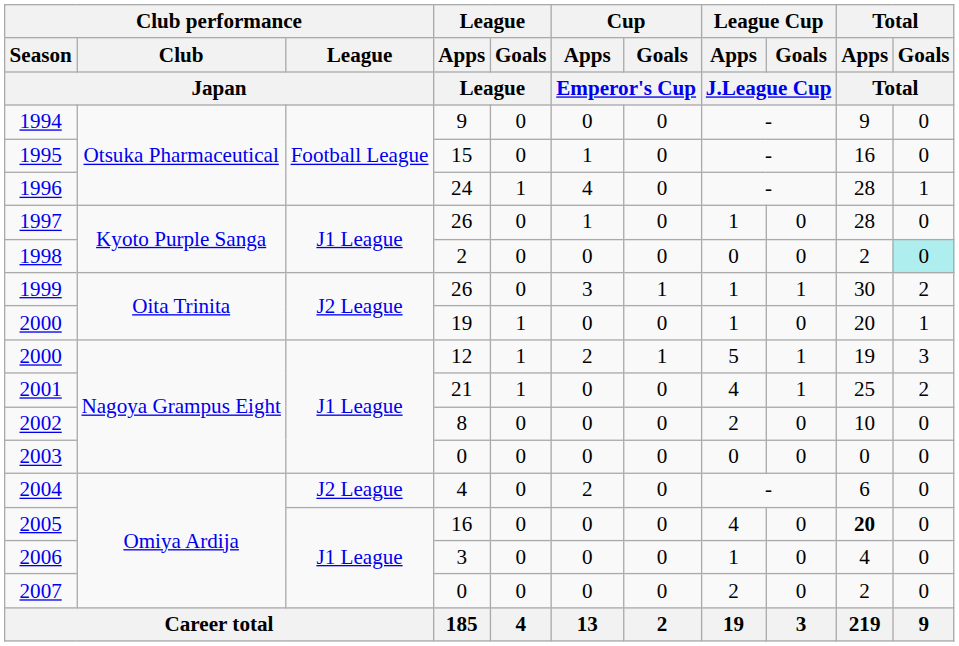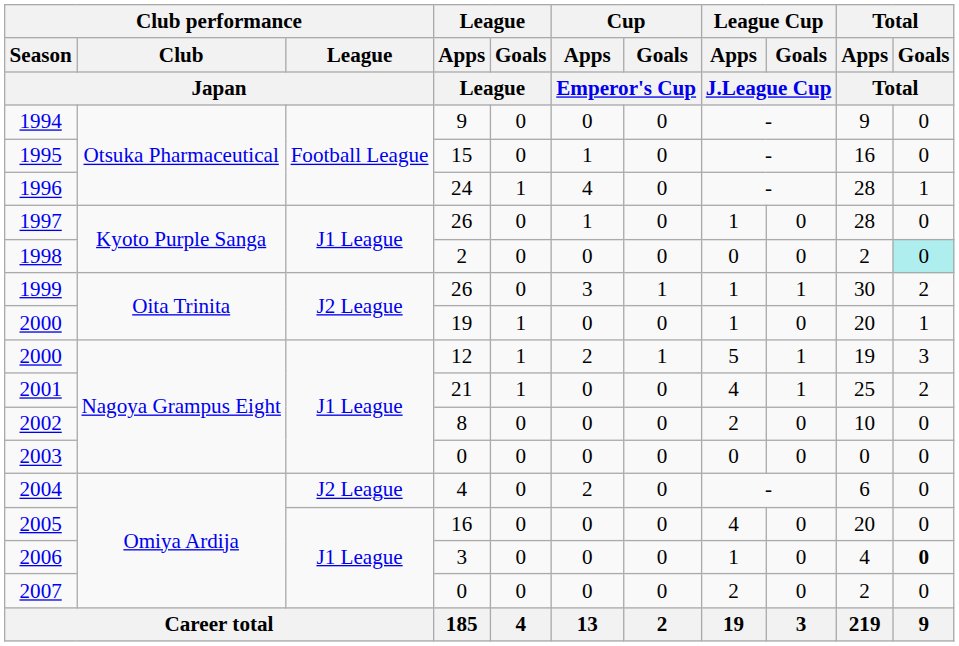 <table class="wikitable" style="text-align:center">
 <tr>
 <th colspan=3>Club performance</th>
 <th colspan=2>League</th>
 <th colspan=2>Cup</th>
 <th colspan=2>League Cup</th>
 <th colspan=2>Total</th>
 </tr>
 <tr>
 <th>Season</th>
 <th>Club</th>
 <th>League</th>
 <th>Apps</th>
 <th>Goals</th>
 <th>Apps</th>
 <th>Goals</th>
 <th>Apps</th>
 <th>Goals</th>
 <th>Apps</th>
 <th>Goals</th>
 </tr>
 <tr>
 <th colspan=3>Japan</th>
 <th colspan=2>League</th>
 <th colspan=2><a href='#'>Emperor's Cup</a></th>
 <th colspan=2><a href='#'>J.League Cup</a></th>
 <th colspan=2>Total</th>
 </tr>
 <tr>
 <td><a href='#'>1994</a></td>
 <td rowspan=3><a href='#'>Otsuka Pharmaceutical</a></td>
 <td rowspan=3><a href='#'>Football League</a></td>
 <td>9</td>
 <td>0</td>
 <td>0</td>
 <td>0</td>
 <td colspan=2>-</td>
 <td>9</td>
 <td>0</td>
 </tr>
 <tr>
 <td><a href='#'>1995</a></td>
 <td>15</td>
 <td>0</td>
 <td>1</td>
 <td>0</td>
 <td colspan=2>-</td>
 <td>16</td>
 <td>0</td>
 </tr>
 <tr>
 <td><a href='#'>1996</a></td>
 <td>24</td>
 <td>1</td>
 <td>4</td>
 <td>0</td>
 <td colspan=2>-</td>
 <td>28</td>
 <td>1</td>
 </tr>
 <tr>
 <td><a href='#'>1997</a></td>
 <td rowspan=2><a href='#'>Kyoto Purple Sanga</a></td>
 <td rowspan=2><a href='#'>J1 League</a></td>
 <td>26</td>
 <td>0</td>
 <td>1</td>
 <td>0</td>
 <td>1</td>
 <td>0</td>
 <td>28</td>
 <td>0</td>
 </tr>
 <tr>
 <td><a href='#'>1998</a></td>
 <td>2</td>
 <td>0</td>
 <td>0</td>
 <td>0</td>
 <td>0</td>
 <td>0</td>
 <td>2</td>
 <td style="background: paleturquoise;">0</td>
 </tr>
 <tr>
 <td><a href='#'>1999</a></td>
 <td rowspan=2><a href='#'>Oita Trinita</a></td>
 <td rowspan=2><a href='#'>J2 League</a></td>
 <td>26</td>
 <td>0</td>
 <td>3</td>
 <td>1</td>
 <td>1</td>
 <td>1</td>
 <td>30</td>
 <td>2</td>
 </tr>
 <tr>
 <td><a href='#'>2000</a></td>
 <td>19</td>
 <td>1</td>
 <td>0</td>
 <td>0</td>
 <td>1</td>
 <td>0</td>
 <td>20</td>
 <td>1</td>
 </tr>
 <tr>
 <td><a href='#'>2000</a></td>
 <td rowspan=4><a href='#'>Nagoya Grampus Eight</a></td>
 <td rowspan=4><a href='#'>J1 League</a></td>
 <td>12</td>
 <td>1</td>
 <td>2</td>
 <td>1</td>
 <td>5</td>
 <td>1</td>
 <td>19</td>
 <td>3</td>
 </tr>
 <tr>
 <td><a href='#'>2001</a></td>
 <td>21</td>
 <td>1</td>
 <td>0</td>
 <td>0</td>
 <td>4</td>
 <td>1</td>
 <td>25</td>
 <td>2</td>
 </tr>
 <tr>
 <td><a href='#'>2002</a></td>
 <td>8</td>
 <td>0</td>
 <td>0</td>
 <td>0</td>
 <td>2</td>
 <td>0</td>
 <td>10</td>
 <td>0</td>
 </tr>
 <tr>
 <td><a href='#'>2003</a></td>
 <td>0</td>
 <td>0</td>
 <td>0</td>
 <td>0</td>
 <td>0</td>
 <td>0</td>
 <td>0</td>
 <td>0</td>
 </tr>
 <tr>
 <td><a href='#'>2004</a></td>
 <td rowspan=4><a href='#'>Omiya Ardija</a></td>
 <td><a href='#'>J2 League</a></td>
 <td>4</td>
 <td>0</td>
 <td>2</td>
 <td>0</td>
 <td colspan=2>-</td>
 <td>6</td>
 <td>0</td>
 </tr>
 <tr>
 <td><a href='#'>2005</a></td>
 <td rowspan=3><a href='#'>J1 League</a></td>
 <td>16</td>
 <td>0</td>
 <td>0</td>
 <td>0</td>
 <td>4</td>
 <td>0</td>
-<td><strong>20</strong></td>
+<td>20</td>
 <td>0</td>
 </tr>
 <tr>
 <td><a href='#'>2006</a></td>
 <td>3</td>
 <td>0</td>
 <td>0</td>
 <td>0</td>
 <td>1</td>
 <td>0</td>
 <td>4</td>
-<td>0</td>
+<td><strong>0</strong></td>
 </tr>
 <tr>
 <td><a href='#'>2007</a></td>
 <td>0</td>
 <td>0</td>
 <td>0</td>
 <td>0</td>
 <td>2</td>
 <td>0</td>
 <td>2</td>
 <td>0</td>
 </tr>
 <tr>
 <th colspan=3>Career total</th>
 <th>185</th>
 <th>4</th>
 <th>13</th>
 <th>2</th>
 <th>19</th>
 <th>3</th>
 <th>219</th>
 <th>9</th>
 </tr>
 </table>
